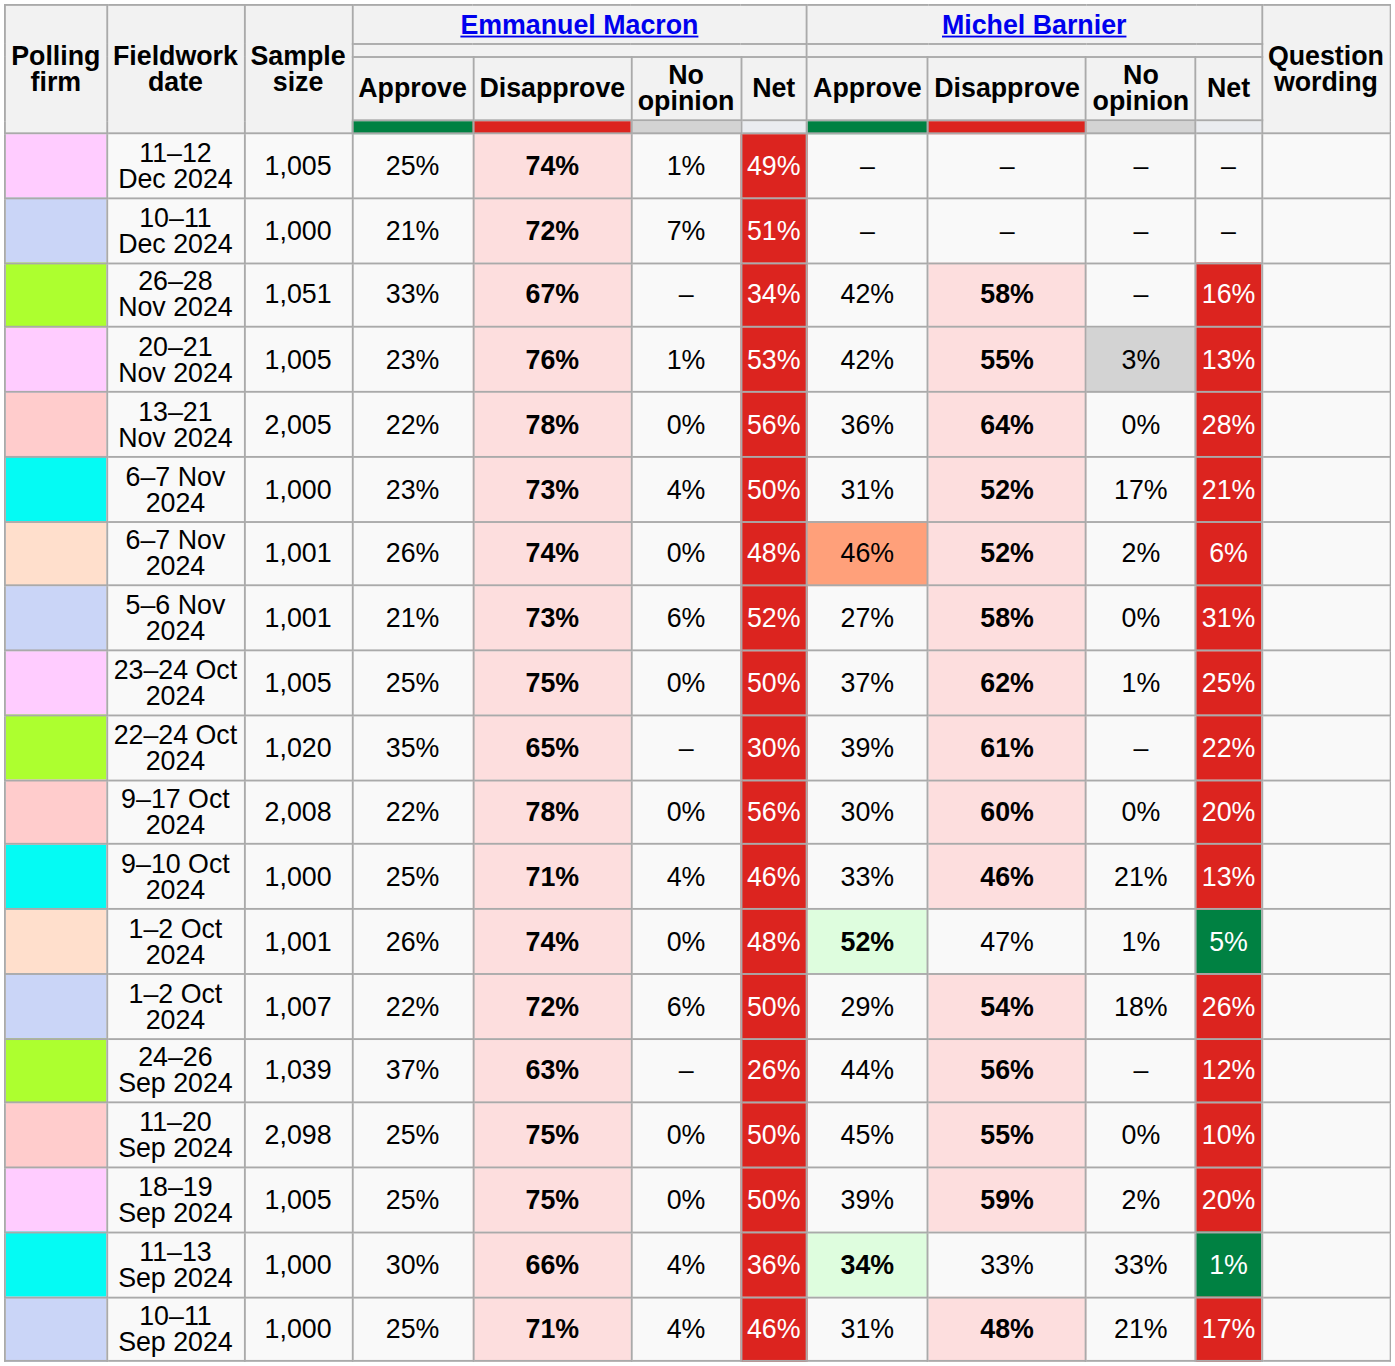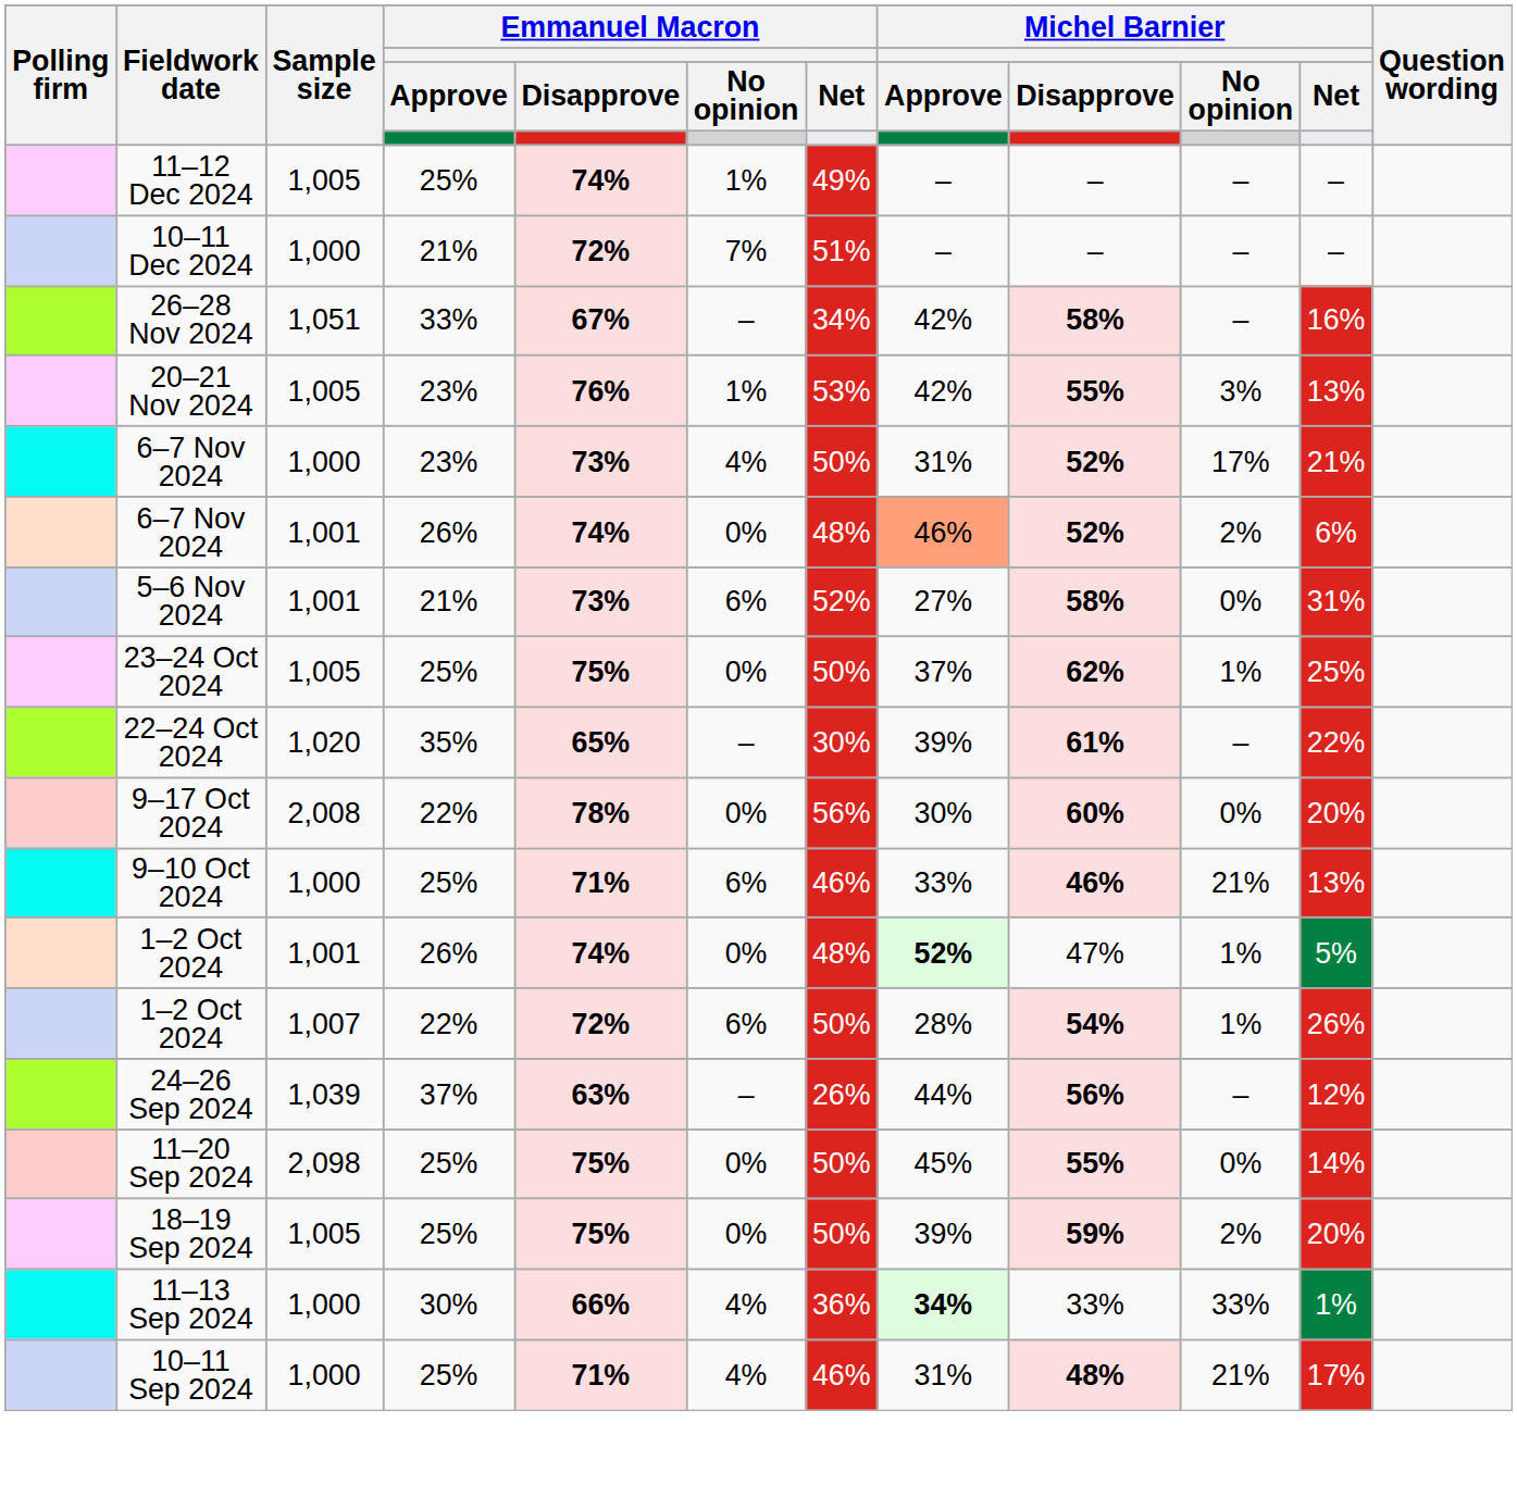 <table class="wikitable sortable" style="text-align:center;font-size:90%;line-height:14px;">
 <tr>
 <th rowspan="4" style="width:100px;">Polling firm</th>
 <th rowspan="4" style="width:110px;">Fieldwork date</th>
 <th rowspan="4" style="width:35px;">Sample<br>size</th>
 <th class="unsortable" colspan="4"><a href='#'>Emmanuel Macron</a></th>
 <th class="unsortable" colspan="4"><a href='#'>Michel Barnier</a></th>
 <th class="unsortable" rowspan="4" style="width:10px;">Question<br>wording</th>
 </tr>
 <tr>
 <th class="unsortable" colspan="4" style="background:"></th>
 <th class="unsortable" colspan="4" style="background:"></th>
 </tr>
 <tr>
 <th class="unsortable" style="width:70px;">Approve</th>
 <th class="unsortable" style="width:70px;">Disapprove</th>
 <th class="unsortable" style="width:70px;">No opinion</th>
 <th class="unsortable" style="width:70px;">Net</th>
 <th class="unsortable" style="width:70px;">Approve</th>
 <th class="unsortable" style="width:70px;">Disapprove</th>
 <th class="unsortable" style="width:70px;">No opinion</th>
 <th class="unsortable" style="width:70px;">Net</th>
 </tr>
 <tr>
 <th style="background:#008142;"></th>
 <th style="background:#DC241F;"></th>
 <th style="background:lightgray;"></th>
 <th style="background:#EAECF0;"></th>
 <th style="background:#008142;"></th>
 <th style="background:#DC241F;"></th>
 <th style="background:lightgray;"></th>
 <th style="background:#EAECF0;"></th>
 </tr>
 <tr>
 <td style="background:#FFCCFF;"></td>
 <td data-sort-value="2024-12-12">11–12 Dec 2024</td>
 <td>1,005</td>
 <td>25%</td>
 <td style="background:#FDDEDE;"><strong>74%</strong></td>
 <td>1%</td>
 <td style="background:#DC241F;color:white;" data-sort-value="-49%">49%</td>
 <td>–</td>
 <td>–</td>
 <td>–</td>
 <td>–</td>
 <td></td>
 </tr>
 <tr>
 <td style="background:#CAD5F7;"></td>
 <td data-sort-value="2024-12-11">10–11 Dec 2024</td>
 <td>1,000</td>
 <td>21%</td>
 <td style="background:#FDDEDE;"><strong>72%</strong></td>
 <td>7%</td>
 <td style="background:#DC241F;color:white;" data-sort-value="-51%">51%</td>
 <td>–</td>
 <td>–</td>
 <td>–</td>
 <td>–</td>
 <td></td>
 </tr>
 <tr>
 <td style="background:GreenYellow;"></td>
 <td data-sort-value="2024-11-28">26–28 Nov 2024</td>
 <td>1,051</td>
 <td>33%</td>
 <td style="background:#FDDEDE;"><strong>67%</strong></td>
 <td>–</td>
 <td style="background:#DC241F;color:white;" data-sort-value="-34%">34%</td>
 <td>42%</td>
 <td style="background:#FDDEDE;"><strong>58%</strong></td>
 <td>–</td>
 <td style="background:#DC241F;color:white;" data-sort-value="-16%">16%</td>
 <td></td>
 </tr>
 <tr>
 <td style="background:#FFCCFF;"></td>
 <td data-sort-value="2024-11-21">20–21 Nov 2024</td>
 <td>1,005</td>
 <td>23%</td>
 <td style="background:#FDDEDE;"><strong>76%</strong></td>
 <td>1%</td>
 <td style="background:#DC241F;color:white;" data-sort-value="-53%">53%</td>
 <td>42%</td>
 <td style="background:#FDDEDE;"><strong>55%</strong></td>
-<td style="background: lightgrey;">3%</td>
+<td>3%</td>
 <td style="background:#DC241F;color:white;" data-sort-value="-13%">13%</td>
-<td></td>
-</tr>
-<tr>
-<td style="background:#FFCCCC;"></td>
-<td data-sort-value="2024-11-21">13–21 Nov 2024</td>
-<td>2,005</td>
-<td>22%</td>
-<td style="background:#FDDEDE;"><strong>78%</strong></td>
-<td>0%</td>
-<td style="background:#DC241F;color:white;" data-sort-value="-56%">56%</td>
-<td>36%</td>
-<td style="background:#FDDEDE;"><strong>64%</strong></td>
-<td>0%</td>
-<td style="background:#DC241F;color:white;" data-sort-value="-28%">28%</td>
 <td></td>
 </tr>
 <tr>
 <td style="background:#04FBF4;"></td>
 <td data-sort-value="2024-11-07">6–7 Nov 2024</td>
 <td>1,000</td>
 <td>23%</td>
 <td style="background:#FDDEDE;"><strong>73%</strong></td>
 <td>4%</td>
 <td style="background:#DC241F;color:white;" data-sort-value="-50%">50%</td>
 <td>31%</td>
 <td style="background:#FDDEDE;"><strong>52%</strong></td>
 <td>17%</td>
 <td style="background:#DC241F;color:white;" data-sort-value="-21%">21%</td>
 <td></td>
 </tr>
 <tr>
 <td style="background:#FFDFCC;"></td>
 <td data-sort-value="2024-11-07">6–7 Nov 2024</td>
 <td>1,001</td>
 <td>26%</td>
 <td style="background:#FDDEDE;"><strong>74%</strong></td>
 <td>0%</td>
 <td style="background:#DC241F;color:white;" data-sort-value="-48%">48%</td>
 <td style="background: lightsalmon;">46%</td>
 <td style="background:#FDDEDE;"><strong>52%</strong></td>
 <td>2%</td>
 <td style="background:#DC241F;color:white;" data-sort-value="-6%">6%</td>
 <td></td>
 </tr>
 <tr>
 <td style="background:#CAD5F7;"></td>
 <td data-sort-value="2024-11-06">5–6 Nov 2024</td>
 <td>1,001</td>
 <td>21%</td>
 <td style="background:#FDDEDE;"><strong>73%</strong></td>
 <td>6%</td>
 <td style="background:#DC241F;color:white;" data-sort-value="-52%">52%</td>
 <td>27%</td>
 <td style="background:#FDDEDE;"><strong>58%</strong></td>
 <td>0%</td>
 <td style="background:#DC241F;color:white;" data-sort-value="-31%">31%</td>
 <td></td>
 </tr>
 <tr>
 <td style="background:#FFCCFF;"></td>
 <td data-sort-value="2024-10-24">23–24 Oct 2024</td>
 <td>1,005</td>
 <td>25%</td>
 <td style="background:#FDDEDE;"><strong>75%</strong></td>
 <td>0%</td>
 <td style="background:#DC241F;color:white;" data-sort-value="-50%">50%</td>
 <td>37%</td>
 <td style="background:#FDDEDE;"><strong>62%</strong></td>
 <td>1%</td>
 <td style="background:#DC241F;color:white;" data-sort-value="-25%">25%</td>
 <td></td>
 </tr>
 <tr>
 <td style="background:GreenYellow;"></td>
 <td data-sort-value="2024-10-24">22–24 Oct 2024</td>
 <td>1,020</td>
 <td>35%</td>
 <td style="background:#FDDEDE;"><strong>65%</strong></td>
 <td>–</td>
 <td style="background:#DC241F;color:white;" data-sort-value="-30%">30%</td>
 <td>39%</td>
 <td style="background:#FDDEDE;"><strong>61%</strong></td>
 <td>–</td>
 <td style="background:#DC241F;color:white;" data-sort-value="-22%">22%</td>
 <td></td>
 </tr>
 <tr>
 <td style="background:#FFCCCC;"></td>
 <td data-sort-value="2024-10-17">9–17 Oct 2024</td>
 <td>2,008</td>
 <td>22%</td>
 <td style="background:#FDDEDE;"><strong>78%</strong></td>
 <td>0%</td>
 <td style="background:#DC241F;color:white;" data-sort-value="-56%">56%</td>
 <td>30%</td>
 <td style="background:#FDDEDE;"><strong>60%</strong></td>
 <td>0%</td>
 <td style="background:#DC241F;color:white;" data-sort-value="-20%">20%</td>
 <td></td>
 </tr>
 <tr>
 <td style="background:#04FBF4;"></td>
 <td data-sort-value="2024-10-10">9–10 Oct 2024</td>
 <td>1,000</td>
 <td>25%</td>
 <td style="background:#FDDEDE;"><strong>71%</strong></td>
-<td>4%</td>
+<td>6%</td>
 <td style="background:#DC241F;color:white;" data-sort-value="-46%">46%</td>
 <td>33%</td>
 <td style="background:#FDDEDE;"><strong>46%</strong></td>
 <td>21%</td>
 <td style="background:#DC241F;color:white;" data-sort-value="-13%">13%</td>
 <td></td>
 </tr>
 <tr>
 <td style="background:#FFDFCC;"></td>
 <td data-sort-value="2024-10-02">1–2 Oct 2024</td>
 <td>1,001</td>
 <td>26%</td>
 <td style="background:#FDDEDE;"><strong>74%</strong></td>
 <td>0%</td>
 <td style="background:#DC241F;color:white;" data-sort-value="-48%">48%</td>
 <td style="background:#DEFDDE;"><strong>52%</strong></td>
 <td>47%</td>
 <td>1%</td>
 <td style="background:#008142;color:white;" data-sort-value="5%">5%</td>
 <td></td>
 </tr>
 <tr>
 <td style="background:#CAD5F7;"></td>
 <td data-sort-value="2024-10-02">1–2 Oct 2024</td>
 <td>1,007</td>
 <td>22%</td>
 <td style="background:#FDDEDE;"><strong>72%</strong></td>
 <td>6%</td>
 <td style="background:#DC241F;color:white;" data-sort-value="-50%">50%</td>
-<td>29%</td>
+<td>28%</td>
 <td style="background:#FDDEDE;"><strong>54%</strong></td>
-<td>18%</td>
+<td>1%</td>
 <td style="background:#DC241F;color:white;" data-sort-value="-26%">26%</td>
 <td></td>
 </tr>
 <tr>
 <td style="background:GreenYellow;"></td>
 <td data-sort-value="2024-09-26">24–26 Sep 2024</td>
 <td>1,039</td>
 <td>37%</td>
 <td style="background:#FDDEDE;"><strong>63%</strong></td>
 <td>–</td>
 <td style="background:#DC241F;color:white;" data-sort-value="-26%">26%</td>
 <td>44%</td>
 <td style="background:#FDDEDE;"><strong>56%</strong></td>
 <td>–</td>
 <td style="background:#DC241F;color:white;" data-sort-value="-12%">12%</td>
 <td></td>
 </tr>
 <tr>
 <td style="background:#FFCCCC;"></td>
 <td data-sort-value="2024-09-20">11–20 Sep 2024</td>
 <td>2,098</td>
 <td>25%</td>
 <td style="background:#FDDEDE;"><strong>75%</strong></td>
 <td>0%</td>
 <td style="background:#DC241F;color:white;" data-sort-value="-50%">50%</td>
 <td>45%</td>
 <td style="background:#FDDEDE;"><strong>55%</strong></td>
 <td>0%</td>
-<td style="background:#DC241F;color:white;" data-sort-value="-10%">10%</td>
+<td style="background:#DC241F;color:white;" data-sort-value="-10%">14%</td>
 <td></td>
 </tr>
 <tr>
 <td style="background:#FFCCFF;"></td>
 <td data-sort-value="2024-09-19">18–19 Sep 2024</td>
 <td>1,005</td>
 <td>25%</td>
 <td style="background:#FDDEDE;"><strong>75%</strong></td>
 <td>0%</td>
 <td style="background:#DC241F;color:white;" data-sort-value="-50%">50%</td>
 <td>39%</td>
 <td style="background:#FDDEDE;"><strong>59%</strong></td>
 <td>2%</td>
 <td style="background:#DC241F;color:white;" data-sort-value="-20%">20%</td>
 <td></td>
 </tr>
 <tr>
 <td style="background:#04FBF4;"></td>
 <td data-sort-value="2024-09-13">11–13 Sep 2024</td>
 <td>1,000</td>
 <td>30%</td>
 <td style="background:#FDDEDE;"><strong>66%</strong></td>
 <td>4%</td>
 <td style="background:#DC241F;color:white;" data-sort-value="-36%">36%</td>
 <td style="background:#DEFDDE;"><strong>34%</strong></td>
 <td>33%</td>
 <td>33%</td>
 <td style="background:#008142;color:white;" data-sort-value="1%">1%</td>
 <td></td>
 </tr>
 <tr>
 <td style="background:#CAD5F7;"></td>
 <td data-sort-value="2024-09-11">10–11 Sep 2024</td>
 <td>1,000</td>
 <td>25%</td>
 <td style="background:#FDDEDE;"><strong>71%</strong></td>
 <td>4%</td>
 <td style="background:#DC241F;color:white;" data-sort-value="-46%">46%</td>
 <td>31%</td>
 <td style="background:#FDDEDE;"><strong>48%</strong></td>
 <td>21%</td>
 <td style="background:#DC241F;color:white;" data-sort-value="-17%">17%</td>
 <td></td>
 </tr>
 </table>
